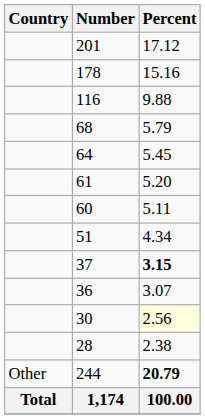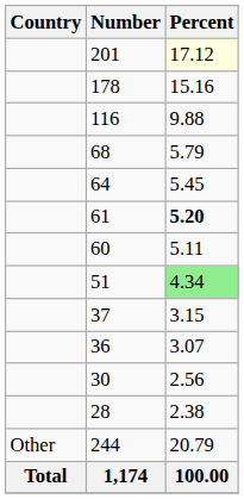 <table class="wikitable sortable" style="font-size: 90%;">
 <tr>
 <th>Country</th>
 <th>Number</th>
 <th>Percent</th>
 </tr>
 <tr>
 <td></td>
 <td>201</td>
-<td>17.12</td>
+<td style="background: lightyellow;">17.12</td>
 </tr>
 <tr>
 <td></td>
 <td>178</td>
 <td>15.16</td>
 </tr>
 <tr>
 <td></td>
 <td>116</td>
 <td>9.88</td>
 </tr>
 <tr>
 <td></td>
 <td>68</td>
 <td>5.79</td>
 </tr>
 <tr>
 <td></td>
 <td>64</td>
 <td>5.45</td>
 </tr>
 <tr>
 <td></td>
 <td>61</td>
-<td>5.20</td>
+<td><strong>5.20</strong></td>
 </tr>
 <tr>
 <td></td>
 <td>60</td>
 <td>5.11</td>
 </tr>
 <tr>
 <td></td>
 <td>51</td>
-<td>4.34</td>
+<td style="background: lightgreen;">4.34</td>
 </tr>
 <tr>
 <td></td>
 <td>37</td>
-<td><strong>3.15</strong></td>
+<td>3.15</td>
 </tr>
 <tr>
 <td></td>
 <td>36</td>
 <td>3.07</td>
 </tr>
 <tr>
 <td></td>
 <td>30</td>
-<td style="background: lightyellow;">2.56</td>
+<td>2.56</td>
 </tr>
 <tr>
 <td></td>
 <td>28</td>
 <td>2.38</td>
 </tr>
 <tr>
 <td>Other</td>
 <td>244</td>
-<td><strong>20.79</strong></td>
+<td>20.79</td>
 </tr>
 <tr>
 <th>Total</th>
 <th>1,174</th>
 <th>100.00</th>
 </tr>
 <tr>
 </tr>
 </table>
